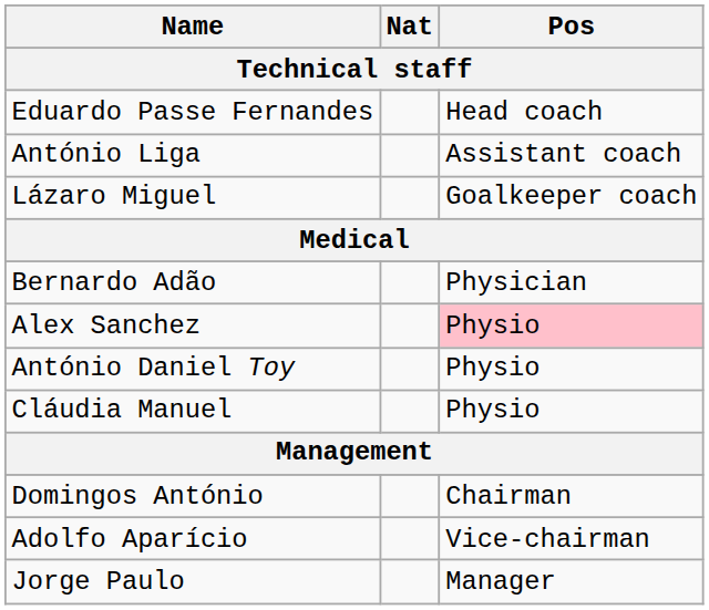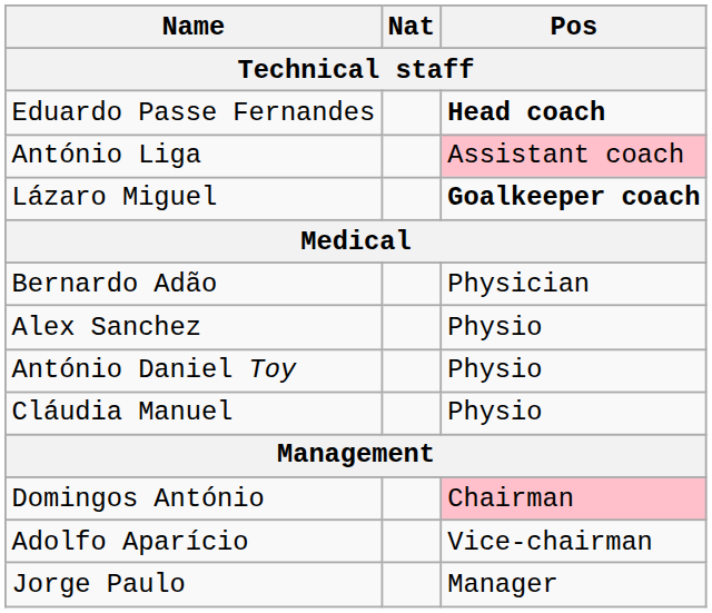 <table class="wikitable ve-ce-branchNode ve-ce-tableNode">
 <tr>
 <th>Name</th>
 <th>Nat</th>
 <th>Pos</th>
 </tr>
 <tr>
 <th colspan="4">Technical staff</th>
 </tr>
 <tr>
 <td>Eduardo Passe Fernandes</td>
 <td></td>
-<td>Head coach</td>
+<td><strong>Head coach</strong></td>
 </tr>
 <tr>
 <td>António Liga</td>
 <td></td>
-<td>Assistant coach</td>
+<td style="background: pink;">Assistant coach</td>
 </tr>
 <tr>
 <td>Lázaro Miguel</td>
 <td></td>
-<td>Goalkeeper coach</td>
+<td><strong>Goalkeeper coach</strong></td>
 </tr>
 <tr>
 <th colspan="4">Medical</th>
 </tr>
 <tr>
 <td>Bernardo Adão</td>
 <td></td>
 <td>Physician</td>
 </tr>
 <tr>
 <td>Alex Sanchez</td>
 <td></td>
-<td style="background: pink;">Physio</td>
+<td>Physio</td>
 </tr>
 <tr>
 <td>António Daniel <em>Toy</em></td>
 <td></td>
 <td>Physio</td>
 </tr>
 <tr>
 <td>Cláudia Manuel</td>
 <td></td>
 <td>Physio</td>
 </tr>
 <tr>
 <th colspan="4">Management</th>
 </tr>
 <tr>
 <td>Domingos António</td>
 <td></td>
-<td>Chairman</td>
+<td style="background: pink;">Chairman</td>
 </tr>
 <tr>
 <td>Adolfo Aparício</td>
 <td></td>
 <td>Vice-chairman</td>
 </tr>
 <tr>
 <td>Jorge Paulo</td>
 <td></td>
 <td>Manager</td>
 </tr>
 </table>
